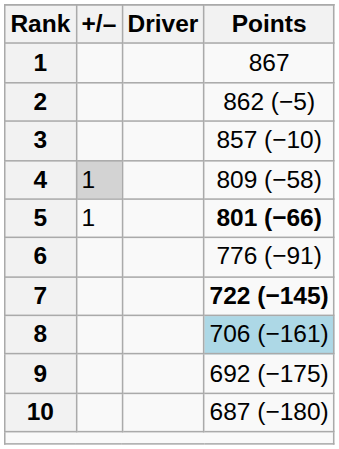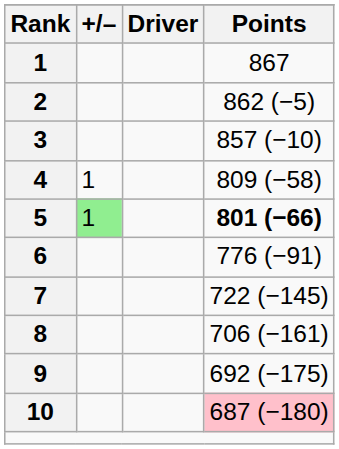 <table class="wikitable sortable">
 <tr>
 </tr>
 <tr>
 <th scope="col">Rank</th>
 <th scope="col">+/–</th>
 <th scope="col">Driver</th>
 <th scope="col">Points</th>
 </tr>
 <tr>
 <th scope="row">1</th>
 <td align="left"></td>
 <td></td>
 <td style="text-align:center;">867</td>
 </tr>
 <tr>
 <th scope="row">2</th>
 <td align="left"></td>
 <td></td>
 <td style="text-align:center;">862 (−5)</td>
 </tr>
 <tr>
 <th scope="row">3</th>
 <td align="left"></td>
 <td></td>
 <td style="text-align:center;">857 (−10)</td>
 </tr>
 <tr>
 <th scope="row">4</th>
-<td align="left" style="background: lightgrey;"> 1</td>
+<td align="left"> 1</td>
 <td></td>
 <td style="text-align:center;">809 (−58)</td>
 </tr>
 <tr>
 <th scope="row">5</th>
-<td align="left"> 1</td>
+<td align="left" style="background: lightgreen;"> 1</td>
 <td></td>
 <td style="text-align:center;"><strong>801 (−66)</strong></td>
 </tr>
 <tr>
 <th scope="row">6</th>
 <td align="left"></td>
 <td></td>
 <td style="text-align:center;">776 (−91)</td>
 </tr>
 <tr>
 <th scope="row">7</th>
 <td align="left"></td>
 <td></td>
-<td style="text-align:center;"><strong>722 (−145)</strong></td>
+<td style="text-align:center;">722 (−145)</td>
 </tr>
 <tr>
 <th scope="row">8</th>
 <td align="left"></td>
 <td></td>
-<td style="background: lightblue; text-align:center;">706 (−161)</td>
+<td style="text-align:center;">706 (−161)</td>
 </tr>
 <tr>
 <th scope="row">9</th>
 <td align="left"></td>
 <td></td>
 <td style="text-align:center;">692 (−175)</td>
 </tr>
 <tr>
 <th scope="row">10</th>
 <td align="left"></td>
 <td></td>
-<td style="text-align:center;">687 (−180)</td>
+<td style="background: pink; text-align:center;">687 (−180)</td>
 </tr>
 <tr class="sortbottom">
 <td colspan="9"></td>
 </tr>
 </table>
